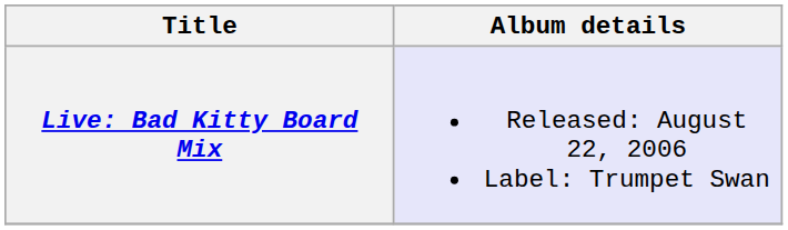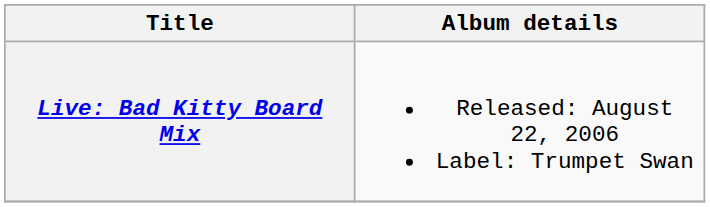 <table class="wikitable plainrowheaders" style="text-align:center;">
 <tr>
 <th scope="col" rowspan="1" style="width:15em;">Title</th>
 <th scope="col" rowspan="1" style="width:15em;">Album details</th>
 </tr>
 <tr>
 <th scope="row"><em><a href='#'>Live: Bad Kitty Board Mix</a></em></th>
-<td style="background: lavender;"><br><ul><li>Released: August 22, 2006</li><li>Label: Trumpet Swan</li></ul></td>
+<td><br><ul><li>Released: August 22, 2006</li><li>Label: Trumpet Swan</li></ul></td>
 </tr>
 <tr>
 </tr>
 </table>
